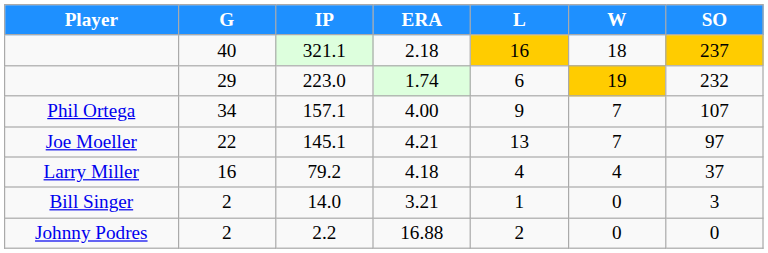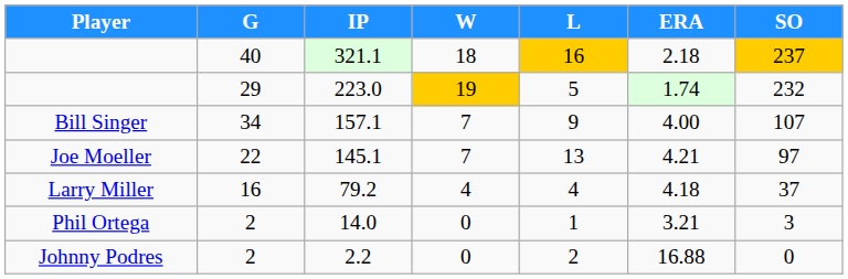 <table class="wikitable sortable">
 <tr>
 <th style="background:#1E90FF;color:#ffffff;" width="16%">Player</th>
 <th style="background:#1E90FF;color:#ffffff;" width="9%">G</th>
 <th style="background:#1E90FF;color:#ffffff;" width="9%">IP</th>
+<th style="background:#1E90FF;color:#ffffff;" width="9%">W</th>
+<th style="background:#1E90FF;color:#ffffff;" width="9%">L</th>
 <th style="background:#1E90FF;color:#ffffff;" width="9%">ERA</th>
-<th style="background:#1E90FF;color:#ffffff;" width="9%">L</th>
-<th style="background:#1E90FF;color:#ffffff;" width="9%">W</th>
 <th style="background:#1E90FF;color:#ffffff;" width="9%">SO</th>
 </tr>
 <tr align="center">
 <td></td>
 <td>40</td>
 <td style="background:#DDFFDD;">321.1</td>
+<td>18</td>
+<td style="background:#fc0;">16</td>
 <td>2.18</td>
-<td style="background:#fc0;">16</td>
-<td>18</td>
 <td style="background:#fc0;">237</td>
 </tr>
 <tr align="center">
 <td></td>
 <td>29</td>
 <td>223.0</td>
+<td style="background:#fc0;">19</td>
+<td>5</td>
 <td style="background:#DDFFDD;">1.74</td>
-<td>6</td>
-<td style="background:#fc0;">19</td>
 <td>232</td>
 </tr>
 <tr align="center">
-<td><a href='#'>Phil Ortega</a></td>
+<td><a href='#'>Bill Singer</a></td>
 <td>34</td>
 <td>157.1</td>
+<td>7</td>
+<td>9</td>
 <td>4.00</td>
-<td>9</td>
-<td>7</td>
 <td>107</td>
 </tr>
 <tr align="center">
 <td><a href='#'>Joe Moeller</a></td>
 <td>22</td>
 <td>145.1</td>
+<td>7</td>
+<td>13</td>
 <td>4.21</td>
-<td>13</td>
-<td>7</td>
 <td>97</td>
 </tr>
 <tr align="center">
 <td><a href='#'>Larry Miller</a></td>
 <td>16</td>
 <td>79.2</td>
-<td>4.18</td>
 <td>4</td>
 <td>4</td>
+<td>4.18</td>
 <td>37</td>
 </tr>
 <tr align="center">
-<td><a href='#'>Bill Singer</a></td>
+<td><a href='#'>Phil Ortega</a></td>
 <td>2</td>
 <td>14.0</td>
+<td>0</td>
+<td>1</td>
 <td>3.21</td>
-<td>1</td>
-<td>0</td>
 <td>3</td>
 </tr>
 <tr align="center">
 <td><a href='#'>Johnny Podres</a></td>
 <td>2</td>
 <td>2.2</td>
+<td>0</td>
+<td>2</td>
 <td>16.88</td>
-<td>2</td>
-<td>0</td>
 <td>0</td>
 </tr>
 </table>
